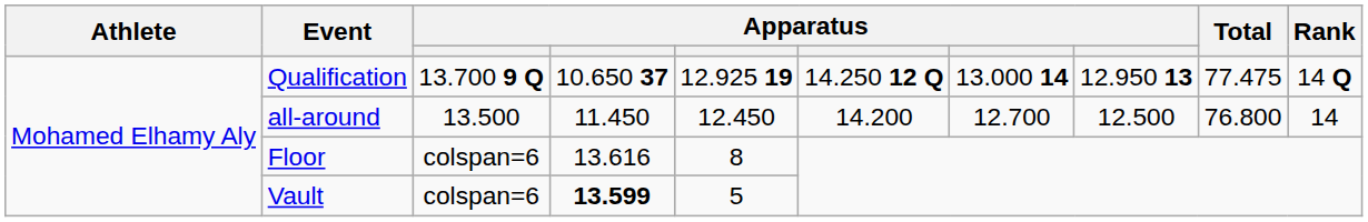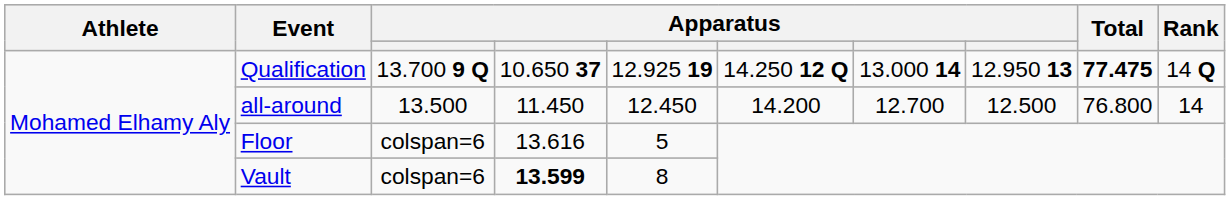 <table class="wikitable" style="font-size:90%">
 <tr>
 <th rowspan=2>Athlete</th>
 <th rowspan=2>Event</th>
 <th colspan =6>Apparatus</th>
 <th rowspan=2>Total</th>
 <th rowspan=2>Rank</th>
 </tr>
 <tr style="font-size:95%">
 <th></th>
 <th></th>
 <th></th>
 <th></th>
 <th></th>
 <th></th>
 </tr>
 <tr align=center>
 <td align=left rowspan=4><a href='#'>Mohamed Elhamy Aly</a></td>
 <td align=left><a href='#'>Qualification</a></td>
 <td>13.700	<strong>9 Q	</strong></td>
 <td>10.650	<strong>37</strong></td>
 <td>12.925	<strong>19</strong></td>
 <td>14.250	<strong>12 Q</strong></td>
 <td>13.000	<strong>14</strong></td>
 <td>12.950	<strong>13</strong></td>
-<td>77.475</td>
+<td><strong>77.475</strong></td>
 <td>14 <strong>Q</strong></td>
 </tr>
 <tr align=center>
 <td align=left><a href='#'>all-around</a></td>
 <td>13.500</td>
 <td>11.450</td>
 <td>12.450</td>
 <td>14.200</td>
 <td>12.700</td>
 <td>12.500</td>
 <td>76.800</td>
 <td>14</td>
 </tr>
 <tr align=center>
 <td align=left><a href='#'>Floor</a></td>
 <td>colspan=6 </td>
 <td>13.616</td>
-<td>8</td>
+<td>5</td>
 </tr>
 <tr align=center>
 <td align=left><a href='#'>Vault</a></td>
 <td>colspan=6 </td>
 <td><strong>13.599</strong></td>
-<td>5</td>
+<td>8</td>
 </tr>
 </table>
